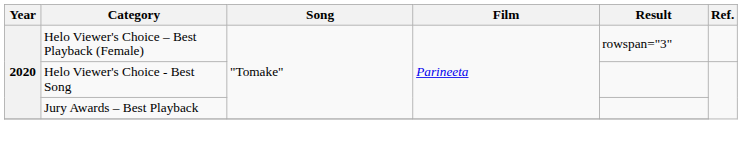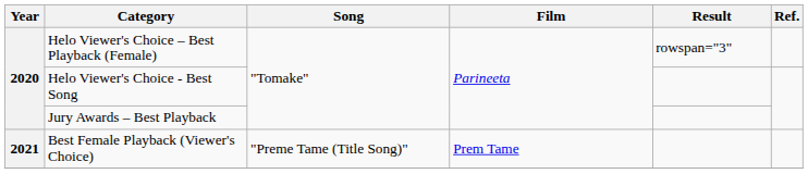 <table class="wikitable plainrowheaders" width="100%" textcolor:#000;">
 <tr>
 <th scope="col" width=5%><strong>Year</strong></th>
 <th scope="col" width=26%><strong>Category</strong></th>
 <th scope="col" width=26%><strong>Song</strong></th>
 <th scope="col" width=26%><strong>Film</strong></th>
 <th scope="col" width=15%><strong>Result</strong></th>
 <th scope="col" width=2%><strong>Ref.</strong></th>
 </tr>
 <tr>
 <th rowspan="3">2020</th>
 <td>Helo Viewer's Choice – Best Playback (Female)</td>
 <td rowspan="3">"Tomake"</td>
 <td rowspan="3"><em><a href='#'>Parineeta</a></em></td>
 <td>rowspan="3"</td>
 <td></td>
 </tr>
 <tr>
 <td>Helo Viewer's Choice - Best Song</td>
 <td></td>
 </tr>
 <tr>
 <td>Jury Awards – Best Playback</td>
 <td></td>
 </tr>
 <tr>
+<th scope>2021</th>
+<td>Best Female Playback (Viewer's Choice)</td>
+<td>"Preme Tame (Title Song)"</td>
+<td><a href='#'>Prem Tame</a></td>
+<td></td>
+<td></td>
+</tr>
+<tr>
 </tr>
 </table>
